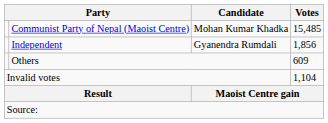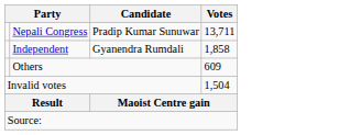 <table class="wikitable">
 <tr>
 <th colspan="2">Party</th>
 <th>Candidate</th>
 <th>Votes</th>
 </tr>
 <tr>
 <td style="background-color:"></td>
-<td><a href='#'>Communist Party of Nepal (Maoist Centre)</a></td>
-<td>Mohan Kumar Khadka</td>
-<td>15,485</td>
+<td><a href='#'>Nepali Congress</a></td>
+<td>Pradip Kumar Sunuwar</td>
+<td>13,711</td>
 </tr>
 <tr>
 <td style="background-color:"></td>
 <td><a href='#'>Independent</a></td>
 <td>Gyanendra Rumdali</td>
-<td>1,856</td>
+<td>1,858</td>
 </tr>
 <tr>
 <td></td>
 <td colspan="2">Others</td>
 <td>609</td>
 </tr>
 <tr>
 <td colspan="3">Invalid votes</td>
-<td>1,104</td>
+<td>1,504</td>
 </tr>
 <tr>
 <th colspan="2">Result</th>
 <th colspan="2">Maoist Centre gain</th>
 </tr>
 <tr>
 <td colspan="4">Source: </td>
 </tr>
 </table>
